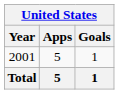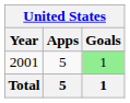 <table class="wikitable" style="text-align:center">
 <tr>
 <th colspan=3><a href='#'>United States</a></th>
 </tr>
 <tr>
 <th>Year</th>
 <th>Apps</th>
 <th>Goals</th>
 </tr>
 <tr>
 <td>2001</td>
 <td>5</td>
-<td>1</td>
+<td style="background: lightgreen;">1</td>
 </tr>
 <tr>
 <th>Total</th>
 <th>5</th>
 <th>1</th>
 </tr>
 </table>
